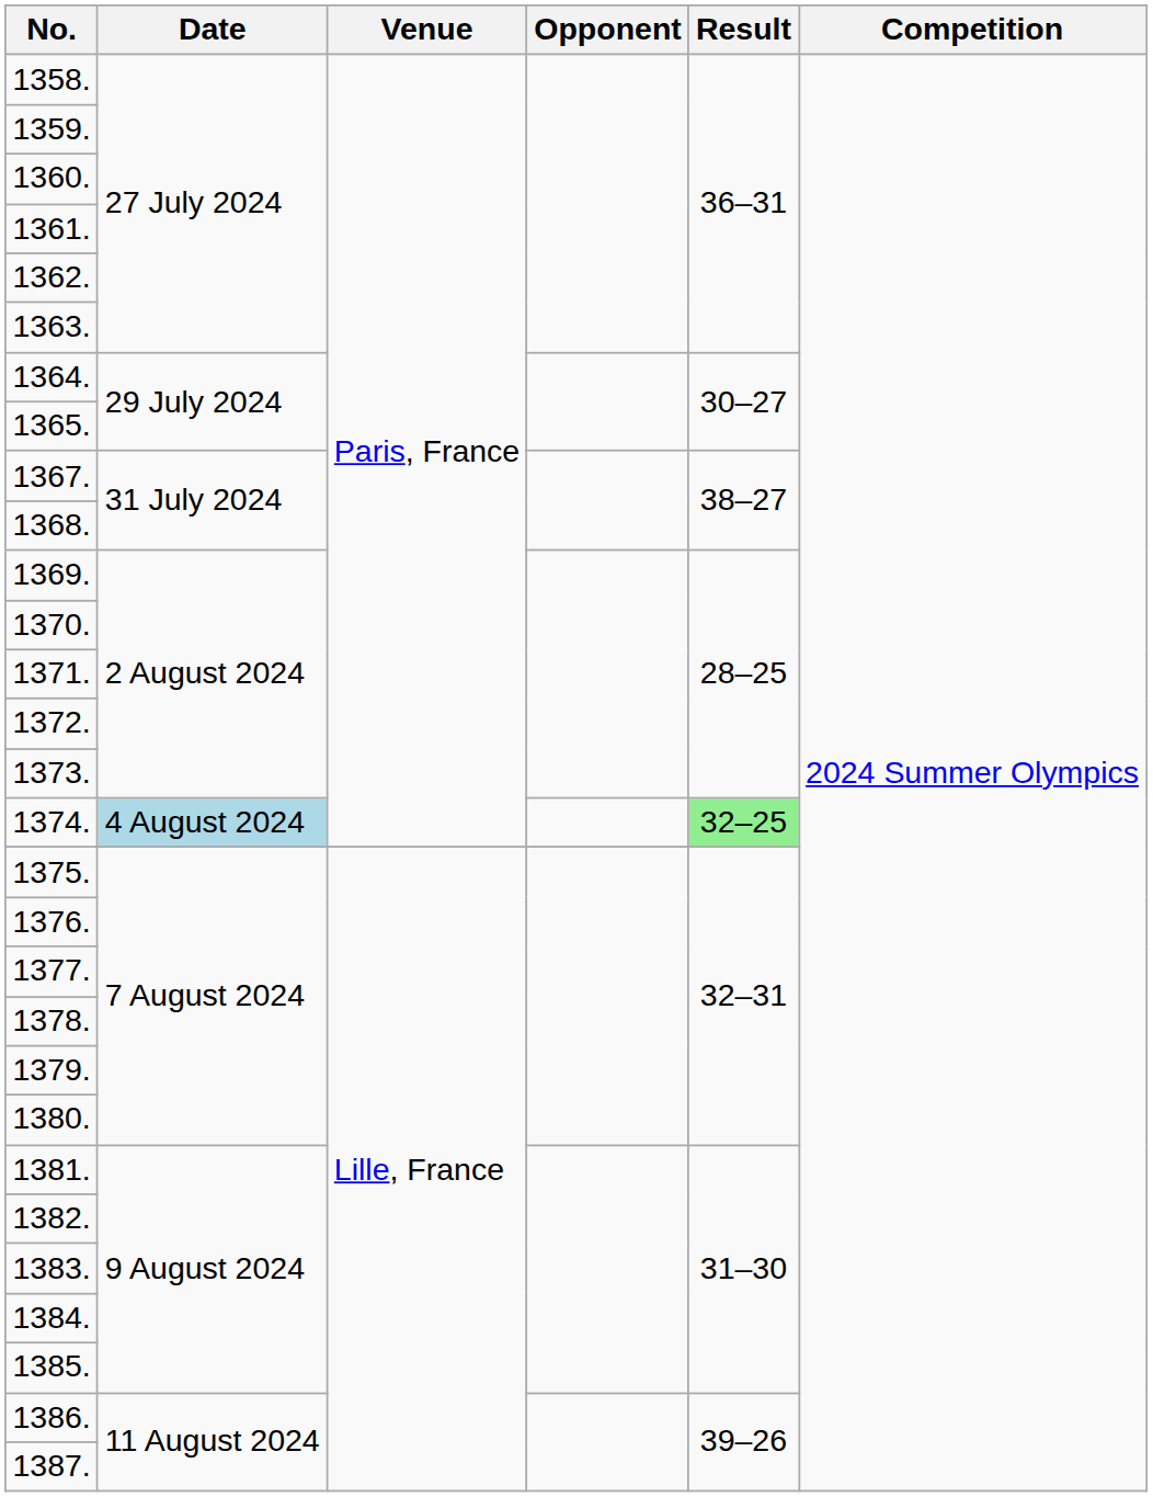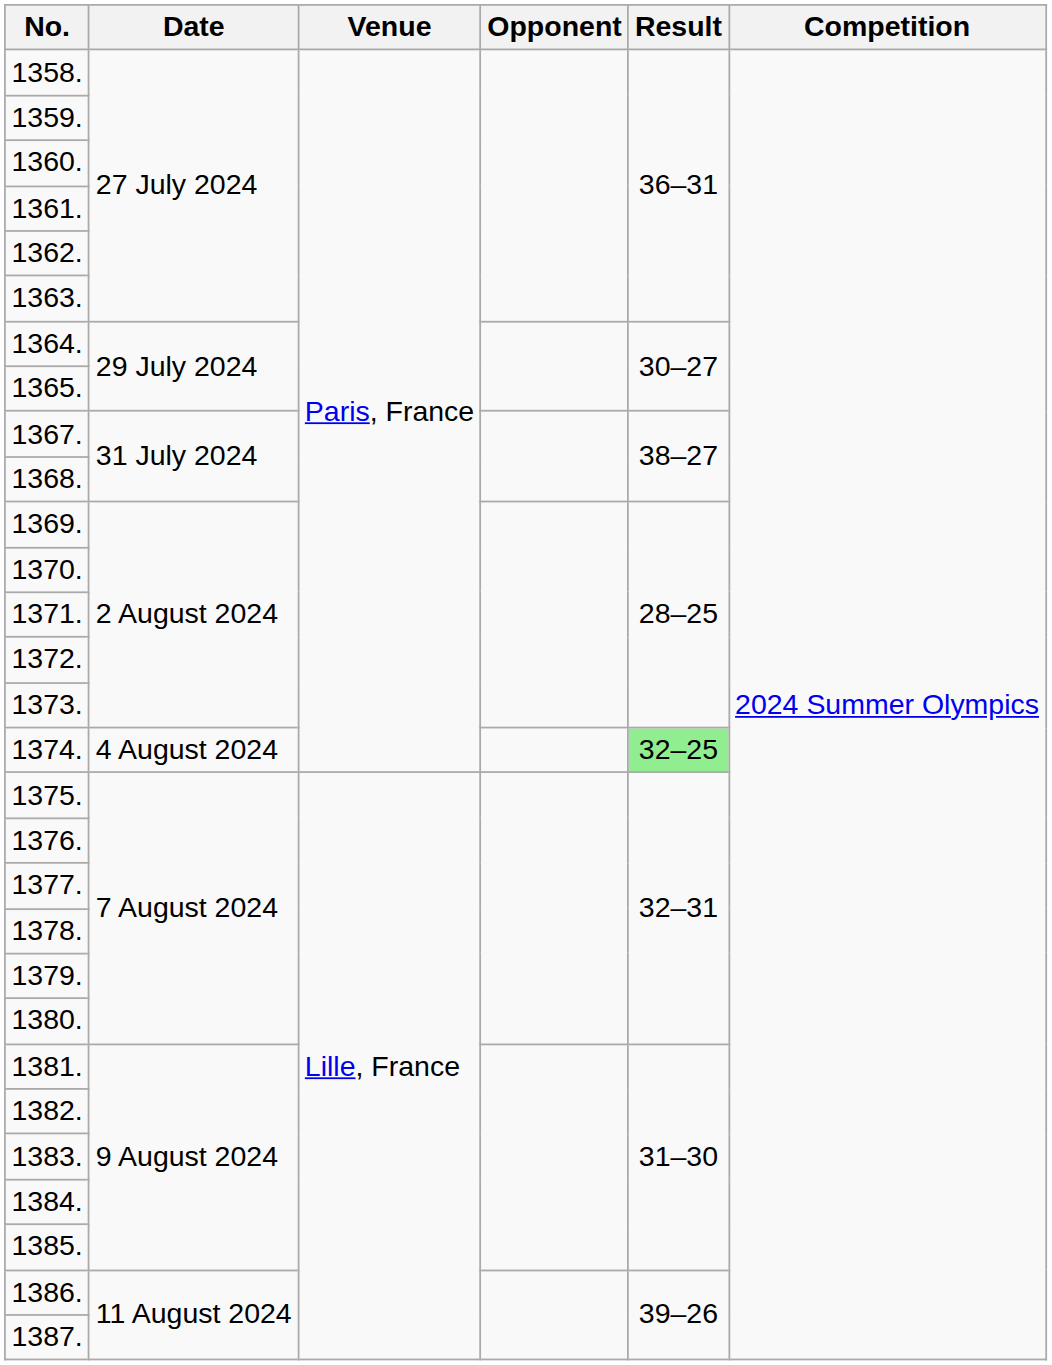 <table class="wikitable">
 <tr>
 <th>No.</th>
 <th>Date</th>
 <th>Venue</th>
 <th>Opponent</th>
 <th>Result</th>
 <th>Competition</th>
 </tr>
 <tr>
 <td>1358.</td>
 <td rowspan=6>27 July 2024</td>
 <td rowspan=16><a href='#'>Paris</a>, France</td>
 <td rowspan=6></td>
 <td rowspan=6 align=center>36–31</td>
 <td rowspan=29><a href='#'>2024 Summer Olympics</a></td>
 </tr>
 <tr>
 <td>1359.</td>
 </tr>
 <tr>
 <td>1360.</td>
 </tr>
 <tr>
 <td>1361.</td>
 </tr>
 <tr>
 <td>1362.</td>
 </tr>
 <tr>
 <td>1363.</td>
 </tr>
 <tr>
 <td>1364.</td>
 <td rowspan=2>29 July 2024</td>
 <td rowspan=2></td>
 <td rowspan=2 align=center>30–27</td>
 </tr>
 <tr>
 <td>1365.</td>
 </tr>
 <tr>
 <td>1367.</td>
 <td rowspan=2>31 July 2024</td>
 <td rowspan=2></td>
 <td rowspan=2 align=center>38–27</td>
 </tr>
 <tr>
 <td>1368.</td>
 </tr>
 <tr>
 <td>1369.</td>
 <td rowspan=5>2 August 2024</td>
 <td rowspan=5></td>
 <td rowspan=5 align=center>28–25</td>
 </tr>
 <tr>
 <td>1370.</td>
 </tr>
 <tr>
 <td>1371.</td>
 </tr>
 <tr>
 <td>1372.</td>
 </tr>
 <tr>
 <td>1373.</td>
 </tr>
 <tr>
 <td>1374.</td>
-<td style="background: lightblue;">4 August 2024</td>
+<td>4 August 2024</td>
 <td></td>
 <td align=center style="background: lightgreen;">32–25</td>
 </tr>
 <tr>
 <td>1375.</td>
 <td rowspan=6>7 August 2024</td>
 <td rowspan=13><a href='#'>Lille</a>, France</td>
 <td rowspan=6></td>
 <td rowspan=6 align=center>32–31</td>
 </tr>
 <tr>
 <td>1376.</td>
 </tr>
 <tr>
 <td>1377.</td>
 </tr>
 <tr>
 <td>1378.</td>
 </tr>
 <tr>
 <td>1379.</td>
 </tr>
 <tr>
 <td>1380.</td>
 </tr>
 <tr>
 <td>1381.</td>
 <td rowspan=5>9 August 2024</td>
 <td rowspan=5></td>
 <td rowspan=5 align=center>31–30</td>
 </tr>
 <tr>
 <td>1382.</td>
 </tr>
 <tr>
 <td>1383.</td>
 </tr>
 <tr>
 <td>1384.</td>
 </tr>
 <tr>
 <td>1385.</td>
 </tr>
 <tr>
 <td>1386.</td>
 <td rowspan=2>11 August 2024</td>
 <td rowspan=2></td>
 <td rowspan=2 align=center>39–26</td>
 </tr>
 <tr>
 <td>1387.</td>
 </tr>
 </table>
